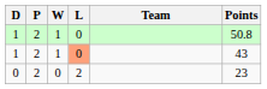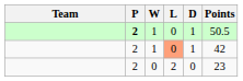 <table class="wikitable">
 <tr>
-<th width=20>D</th>
+<th width=165>Team</th>
 <th width=20>P</th>
 <th width=20>W</th>
 <th width=20>L</th>
-<th width=165>Team</th>
+<th width=20>D</th>
 <th width=20>Points</th>
 </tr>
 <tr align=center bgcolor=ccffcc>
-<td>1</td>
-<td>2</td>
+<td style="text-align:left;"></td>
+<td><strong>2</strong></td>
 <td>1</td>
 <td>0</td>
-<td style="text-align:left;"></td>
-<td>50.8</td>
+<td>1</td>
+<td>50.5</td>
 </tr>
 <tr align=center>
-<td>1</td>
+<td style="text-align:left;"></td>
 <td>2</td>
 <td>1</td>
 <td style="background: lightsalmon;">0</td>
-<td style="text-align:left;"></td>
-<td>43</td>
+<td>1</td>
+<td>42</td>
 </tr>
 <tr align=center>
+<td style="text-align:left;"></td>
+<td>2</td>
 <td>0</td>
 <td>2</td>
 <td>0</td>
-<td>2</td>
-<td style="text-align:left;"></td>
 <td>23</td>
 </tr>
 </table>
